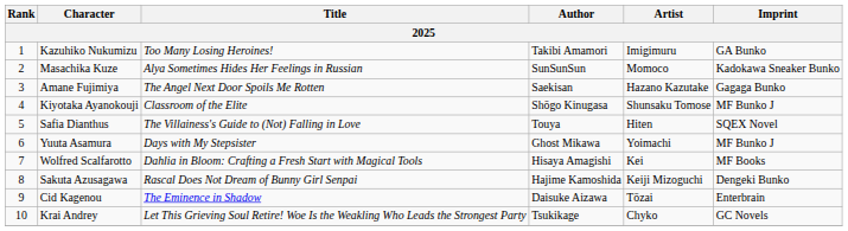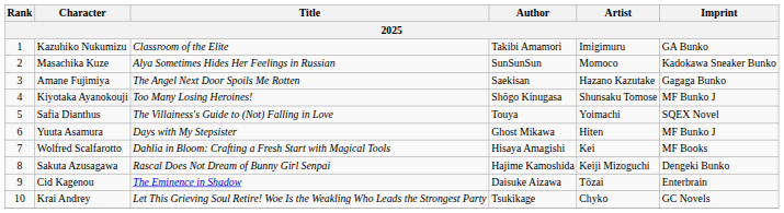 <table class="wikitable">
 <tr>
 <th>Rank</th>
 <th>Character</th>
 <th>Title</th>
 <th>Author</th>
 <th>Artist</th>
 <th>Imprint</th>
 </tr>
 <tr>
 <th colspan="6">2025</th>
 </tr>
 <tr>
 <td align="center">1</td>
 <td>Kazuhiko Nukumizu</td>
-<td><em>Too Many Losing Heroines!</em></td>
+<td><em>Classroom of the Elite</em></td>
 <td>Takibi Amamori</td>
 <td>Imigimuru</td>
 <td>GA Bunko</td>
 </tr>
 <tr>
 <td align="center">2</td>
 <td>Masachika Kuze</td>
 <td><em>Alya Sometimes Hides Her Feelings in Russian</em></td>
 <td>SunSunSun</td>
 <td>Momoco</td>
 <td>Kadokawa Sneaker Bunko</td>
 </tr>
 <tr>
 <td align="center">3</td>
 <td>Amane Fujimiya</td>
 <td><em>The Angel Next Door Spoils Me Rotten</em></td>
 <td>Saekisan</td>
 <td>Hazano Kazutake</td>
 <td>Gagaga Bunko</td>
 </tr>
 <tr>
 <td align="center">4</td>
 <td>Kiyotaka Ayanokouji</td>
-<td><em>Classroom of the Elite</em></td>
+<td><em>Too Many Losing Heroines!</em></td>
 <td>Shōgo Kinugasa</td>
 <td>Shunsaku Tomose</td>
 <td>MF Bunko J</td>
 </tr>
 <tr>
 <td align="center">5</td>
 <td>Safia Dianthus</td>
 <td><em>The Villainess's Guide to (Not) Falling in Love</em></td>
 <td>Touya</td>
-<td>Hiten</td>
+<td>Yoimachi</td>
 <td>SQEX Novel</td>
 </tr>
 <tr>
 <td align="center">6</td>
 <td>Yuuta Asamura</td>
 <td><em>Days with My Stepsister</em></td>
 <td>Ghost Mikawa</td>
-<td>Yoimachi</td>
+<td>Hiten</td>
 <td>MF Bunko J</td>
 </tr>
 <tr>
 <td align="center">7</td>
 <td>Wolfred Scalfarotto</td>
 <td><em>Dahlia in Bloom: Crafting a Fresh Start with Magical Tools</em></td>
 <td>Hisaya Amagishi</td>
 <td>Kei</td>
 <td>MF Books</td>
 </tr>
 <tr>
 <td align="center">8</td>
 <td>Sakuta Azusagawa</td>
 <td><em>Rascal Does Not Dream of Bunny Girl Senpai</em></td>
 <td>Hajime Kamoshida</td>
 <td>Keiji Mizoguchi</td>
 <td>Dengeki Bunko</td>
 </tr>
 <tr>
 <td align="center">9</td>
 <td>Cid Kagenou</td>
 <td><em><a href='#'>The Eminence in Shadow</a></em></td>
 <td>Daisuke Aizawa</td>
 <td>Tōzai</td>
 <td>Enterbrain</td>
 </tr>
 <tr>
 <td align="center">10</td>
 <td>Krai Andrey</td>
 <td><em>Let This Grieving Soul Retire! Woe Is the Weakling Who Leads the Strongest Party</em></td>
 <td>Tsukikage</td>
 <td>Chyko</td>
 <td>GC Novels</td>
 </tr>
 <tr>
 </tr>
 </table>
